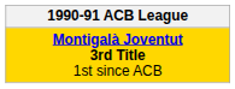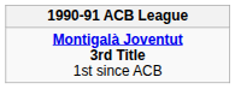 <table class="wikitable" style="margin: 0 auto; width: 20%;">
 <tr>
 <th>1990-91 ACB League</th>
 </tr>
 <tr>
-<td align=center style="background: gold;"><strong><a href='#'>Montigalà Joventut</a></strong><br><strong>3rd Title</strong> <br>1st since ACB</td>
+<td align=center><strong><a href='#'>Montigalà Joventut</a></strong><br><strong>3rd Title</strong> <br>1st since ACB</td>
 </tr>
 </table>
